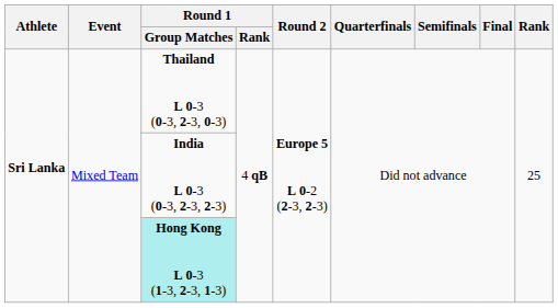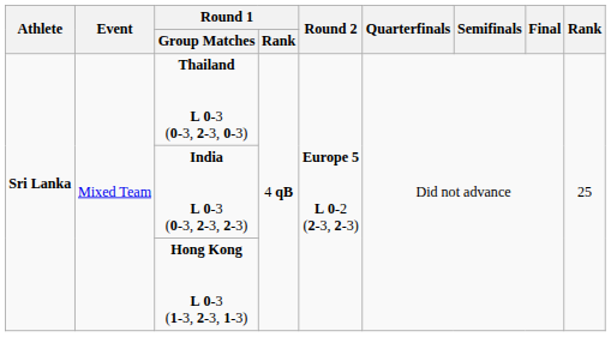 <table class="wikitable" border="1" style="font-size:90%">
 <tr>
 <th rowspan=2>Athlete</th>
 <th rowspan=2>Event</th>
 <th colspan=2>Round 1</th>
 <th rowspan=2>Round 2</th>
 <th rowspan=2>Quarterfinals</th>
 <th rowspan=2>Semifinals</th>
 <th rowspan=2>Final</th>
 <th rowspan=2>Rank</th>
 </tr>
 <tr>
 <th>Group Matches</th>
 <th>Rank</th>
 </tr>
 <tr>
 <td rowspan=3><strong>Sri Lanka</strong><br><br></td>
 <td rowspan=3><a href='#'>Mixed Team</a></td>
 <td align=center><strong>Thailand</strong><br><br><br> <strong>L</strong> <strong>0</strong>-3 <br> (<strong>0</strong>-3, <strong>2</strong>-3, <strong>0</strong>-3)</td>
 <td rowspan=3 align=center>4 <strong>qB</strong></td>
 <td align=center rowspan=3><strong>Europe 5</strong><br><br><br> <strong>L</strong> <strong>0</strong>-2 <br> (<strong>2</strong>-3, <strong>2</strong>-3)</td>
 <td rowspan=3 colspan=3 align=center>Did not advance</td>
 <td rowspan=3 align=center>25</td>
 </tr>
 <tr>
 <td align=center><strong>India</strong><br><br><br> <strong>L</strong> <strong>0</strong>-3 <br> (<strong>0</strong>-3, <strong>2</strong>-3, <strong>2</strong>-3)</td>
 </tr>
 <tr>
-<td align=center style="background: paleturquoise;"><strong>Hong Kong</strong><br><br><br> <strong>L</strong> <strong>0</strong>-3 <br> (<strong>1</strong>-3, <strong>2</strong>-3, <strong>1</strong>-3)</td>
+<td align=center><strong>Hong Kong</strong><br><br><br> <strong>L</strong> <strong>0</strong>-3 <br> (<strong>1</strong>-3, <strong>2</strong>-3, <strong>1</strong>-3)</td>
 </tr>
 </table>
